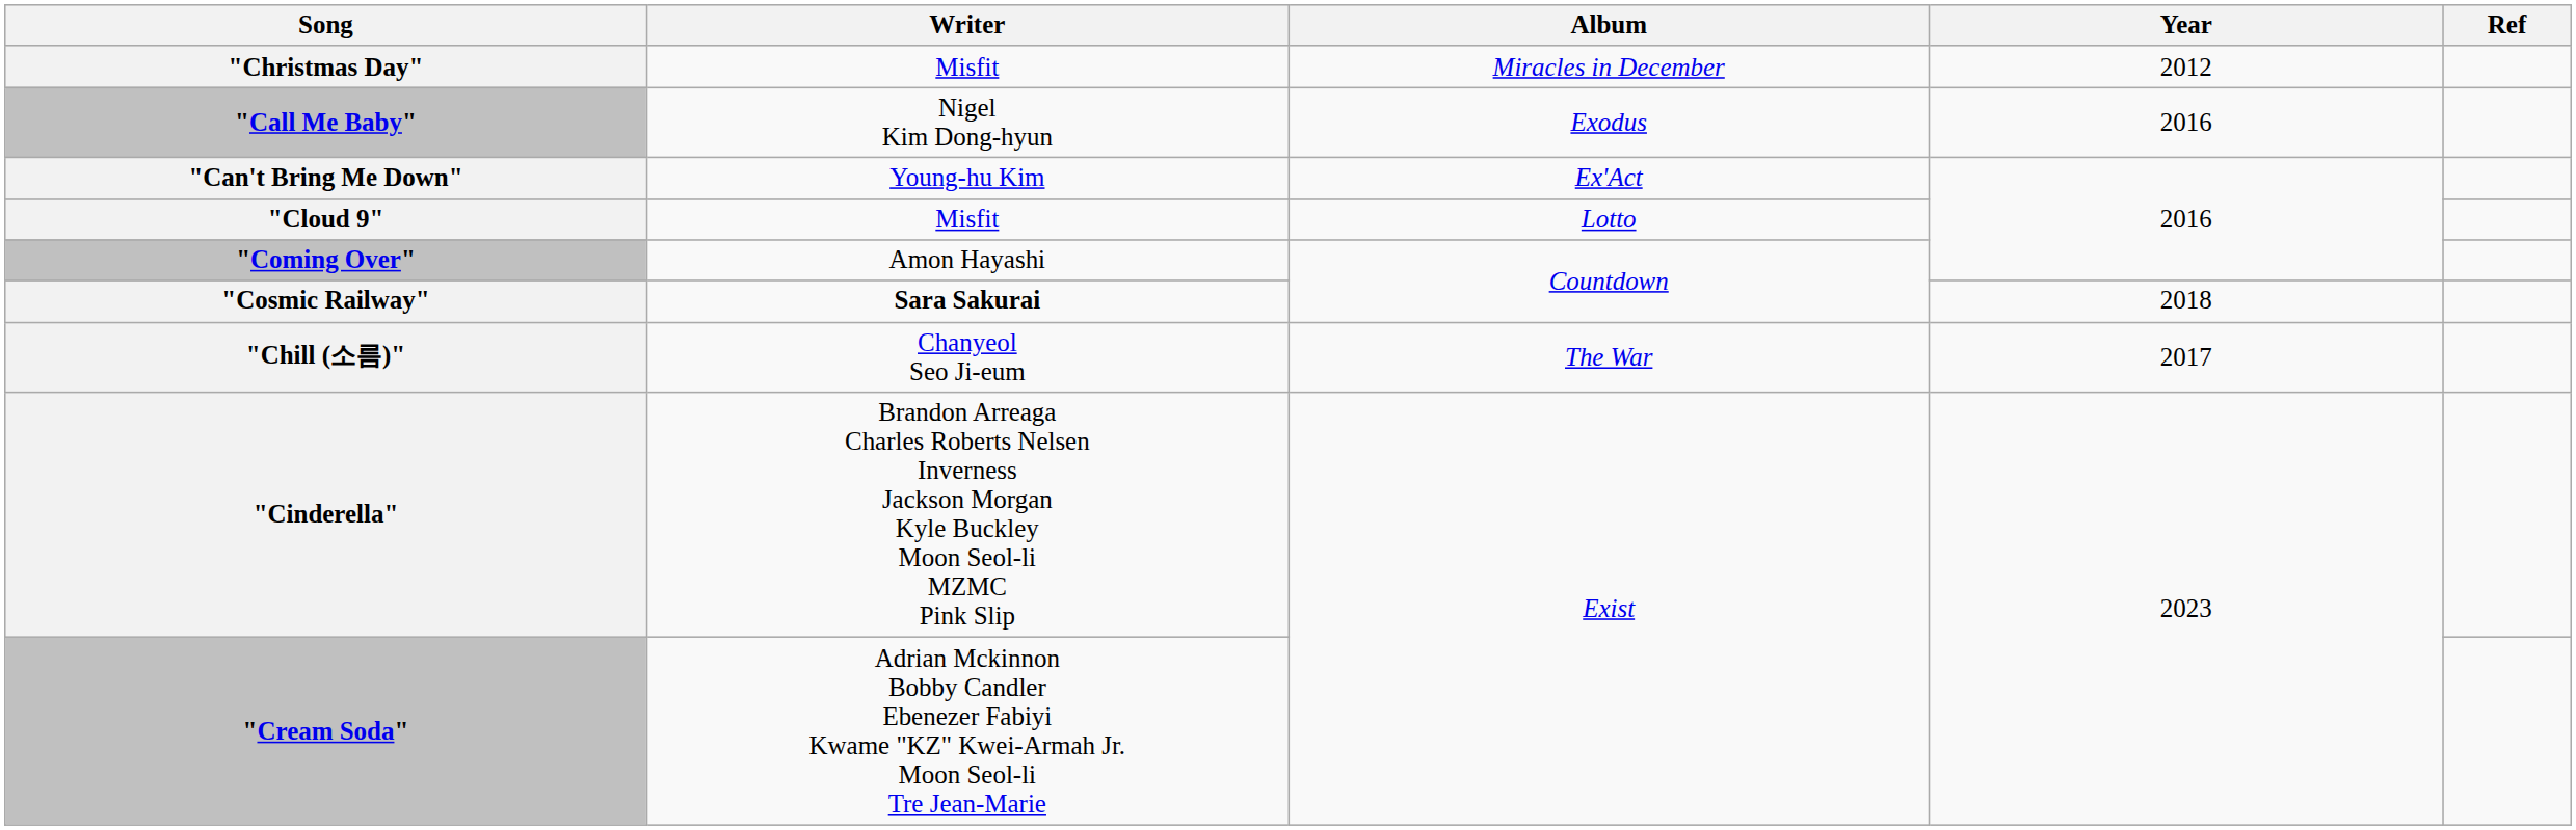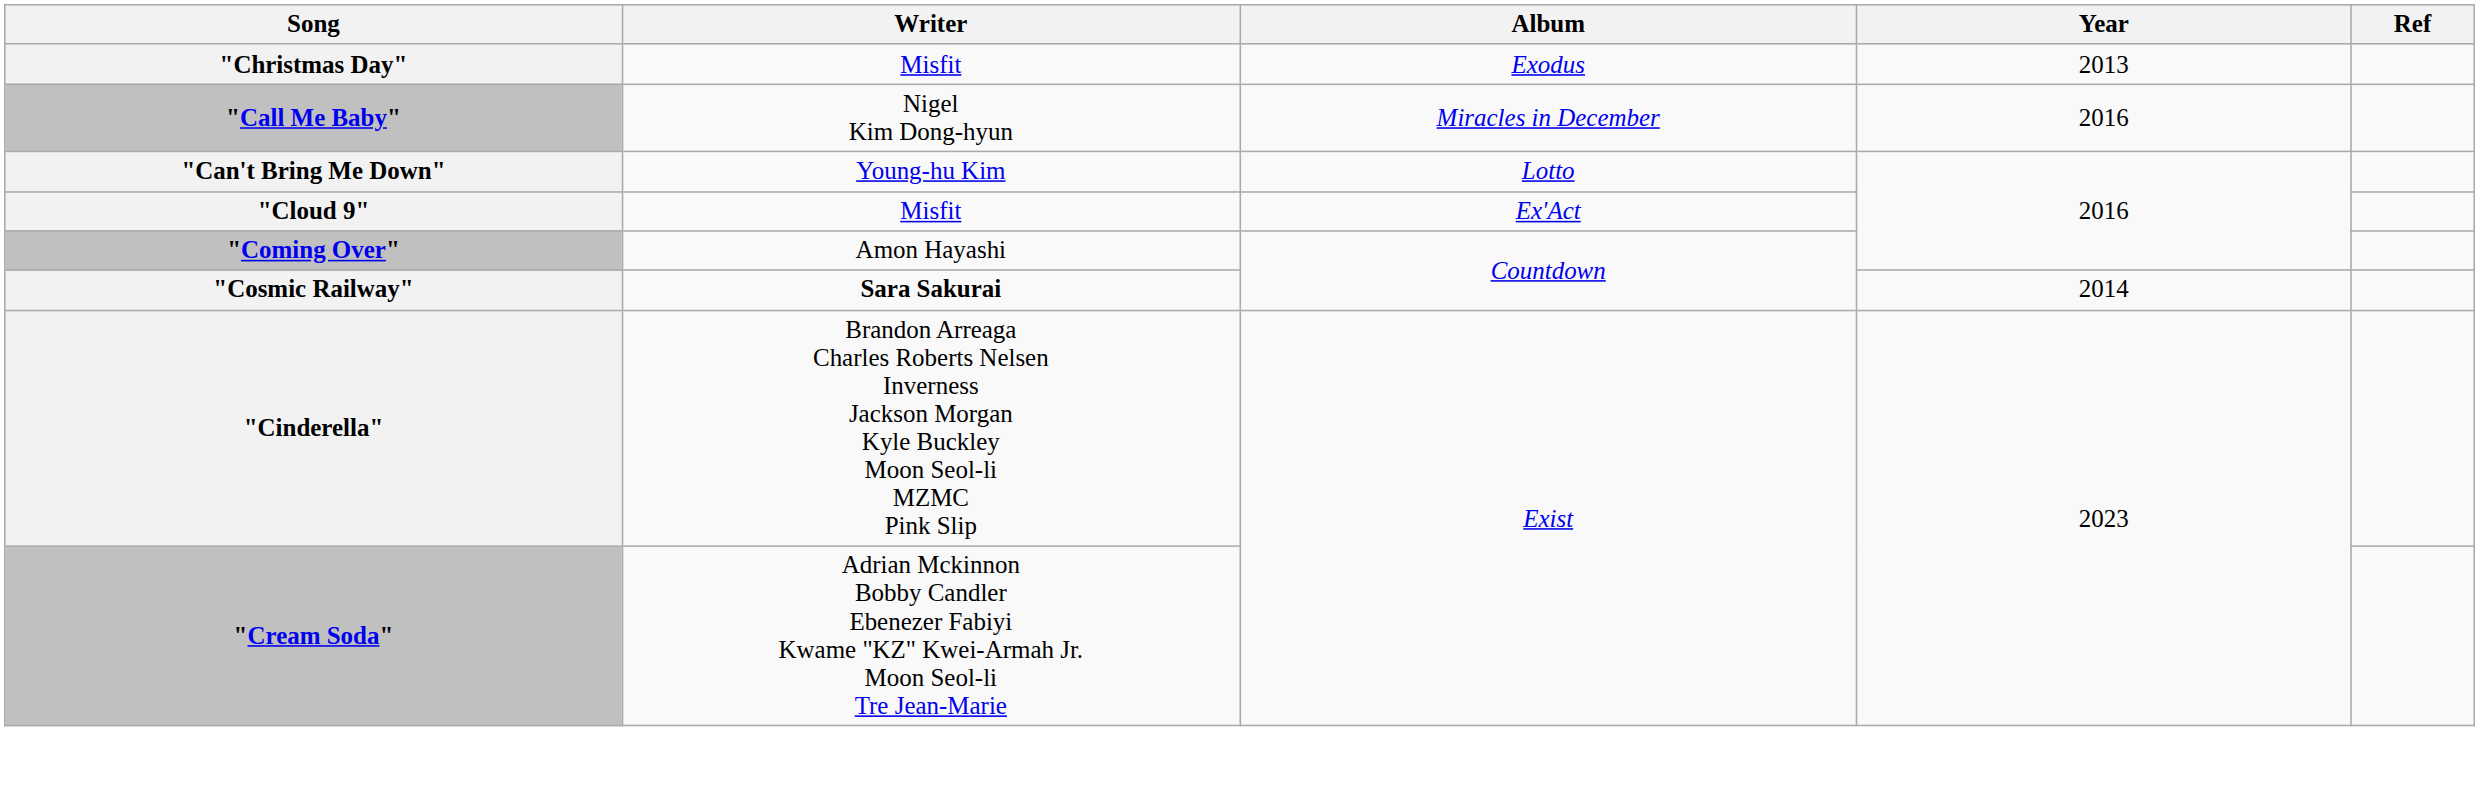 <table class="wikitable" style="text-align:center; width:100%">
 <tr>
 <th style="width:25%">Song</th>
 <th style="width:25%">Writer</th>
 <th style="width:25%">Album</th>
 <th style="width:20%">Year</th>
 <th style="width:5%">Ref</th>
 </tr>
 <tr>
 <th scope="row">"Christmas Day"</th>
 <td><a href='#'>Misfit</a></td>
-<td><em><a href='#'>Miracles in December</a></em></td>
-<td>2012</td>
+<td><em><a href='#'>Exodus</a></em></td>
+<td>2013</td>
 <td></td>
 </tr>
 <tr>
 <th scope="row" style="background-color:#C0C0C0">"<a href='#'>Call Me Baby</a>"</th>
 <td>Nigel<br>Kim Dong-hyun</td>
-<td><em><a href='#'>Exodus</a></em></td>
+<td><em><a href='#'>Miracles in December</a></em></td>
 <td>2016</td>
 <td></td>
 </tr>
 <tr>
 <th scope="row">"Can't Bring Me Down"</th>
 <td><a href='#'>Young-hu Kim</a></td>
-<td><em><a href='#'>Ex'Act</a></em></td>
+<td><em><a href='#'>Lotto</a></em></td>
 <td rowspan="3">2016</td>
 <td></td>
 </tr>
 <tr>
 <th scope="row">"Cloud 9"</th>
 <td><a href='#'>Misfit</a></td>
-<td><em><a href='#'>Lotto</a></em></td>
+<td><em><a href='#'>Ex'Act</a></em></td>
 <td></td>
 </tr>
 <tr>
 <th scope="row" style="background-color:#C0C0C0">"<a href='#'>Coming Over</a>" </th>
 <td>Amon Hayashi</td>
 <td rowspan="2"><a href='#'><em>Countdown</em></a></td>
 <td></td>
 </tr>
 <tr>
 <th scope="row">"Cosmic Railway"</th>
 <td><strong>Sara Sakurai</strong></td>
-<td>2018</td>
-<td></td>
-</tr>
-<tr>
-<th scope="row">"Chill (소름)"</th>
-<td><a href='#'>Chanyeol</a><br>Seo Ji-eum</td>
-<td><a href='#'><em>The War</em></a></td>
-<td>2017</td>
+<td>2014</td>
 <td></td>
 </tr>
 <tr>
 <th scope="row">"Cinderella"</th>
 <td>Brandon Arreaga<br>Charles Roberts Nelsen<br>Inverness<br>Jackson Morgan<br>Kyle Buckley<br>Moon Seol-li<br>MZMC<br>Pink Slip</td>
 <td rowspan="2"><em><a href='#'>Exist</a></em></td>
 <td rowspan="2">2023</td>
 <td></td>
 </tr>
 <tr>
 <th scope="row" style="background-color:#C0C0C0">"<a href='#'>Cream Soda</a>" </th>
 <td>Adrian Mckinnon<br>Bobby Candler<br>Ebenezer Fabiyi<br>Kwame "KZ" Kwei-Armah Jr.<br>Moon Seol-li<br><a href='#'>Tre Jean-Marie</a></td>
 <td></td>
 </tr>
 </table>
